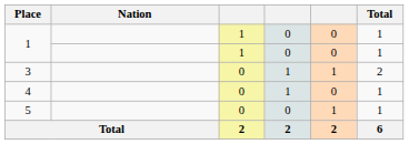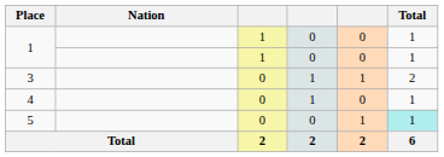 <table class=wikitable style="border:1px solid #AAAAAA;font-size:90%">
 <tr bgcolor="#EFEFEF">
 <th width=50>Place</th>
 <th width=200>Nation</th>
 <th width=50></th>
 <th width=50></th>
 <th width=50></th>
 <th width=50>Total</th>
 </tr>
 <tr align="center" valign="center">
 <td rowspan=2>1</td>
 <td align="left"><strong></strong></td>
 <td style="background:#F7F6A8;">1</td>
 <td style="background:#DCE5E5;">0</td>
 <td style="background:#FFDAB9;">0</td>
 <td>1</td>
 </tr>
 <tr align="center" valign="center">
 <td align="left"><strong></strong></td>
 <td style="background:#F7F6A8;">1</td>
 <td style="background:#DCE5E5;">0</td>
 <td style="background:#FFDAB9;">0</td>
 <td>1</td>
 </tr>
 <tr align="center" valign="center">
 <td>3</td>
 <td align="left"></td>
 <td style="background:#F7F6A8;">0</td>
 <td style="background:#DCE5E5;">1</td>
 <td style="background:#FFDAB9;">1</td>
 <td>2</td>
 </tr>
 <tr align="center" valign="center">
 <td>4</td>
 <td align="left"></td>
 <td style="background:#F7F6A8;">0</td>
 <td style="background:#DCE5E5;">1</td>
 <td style="background:#FFDAB9;">0</td>
 <td>1</td>
 </tr>
 <tr align="center" valign="center">
 <td>5</td>
 <td align="left"></td>
 <td style="background:#F7F6A8;">0</td>
 <td style="background:#DCE5E5;">0</td>
 <td style="background:#FFDAB9;">1</td>
-<td>1</td>
+<td style="background: paleturquoise;">1</td>
 </tr>
 <tr>
 <th colspan="2">Total</th>
 <th style="background:#F7F6A8;">2</th>
 <th style="background:#DCE5E5;">2</th>
 <th style="background:#FFDAB9;">2</th>
 <th>6</th>
 </tr>
 </table>
